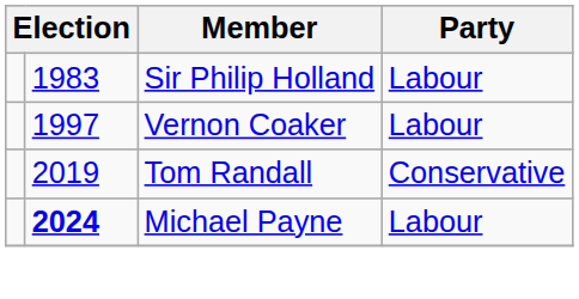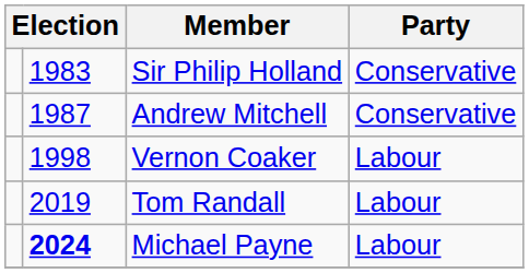 <table class="wikitable">
 <tr>
 <th colspan="2">Election</th>
 <th>Member</th>
 <th>Party</th>
 </tr>
 <tr>
 <td style="color:inherit;background-color: "></td>
 <td><a href='#'>1983</a></td>
 <td><a href='#'>Sir Philip Holland</a></td>
-<td><a href='#'>Labour</a></td>
+<td><a href='#'>Conservative</a></td>
 </tr>
 <tr>
 <td style="color:inherit;background-color: "></td>
-<td><a href='#'>1997</a></td>
+<td><a href='#'>1987</a></td>
+<td><a href='#'>Andrew Mitchell</a></td>
+<td><a href='#'>Conservative</a></td>
+</tr>
+<tr>
+<td style="color:inherit;background-color: "></td>
+<td><a href='#'>1998</a></td>
 <td><a href='#'>Vernon Coaker</a></td>
 <td><a href='#'>Labour</a></td>
 </tr>
 <tr>
 <td style="color:inherit;background-color: "></td>
 <td><a href='#'>2019</a></td>
 <td><a href='#'>Tom Randall</a></td>
-<td><a href='#'>Conservative</a></td>
+<td><a href='#'>Labour</a></td>
 </tr>
 <tr>
 <td style="color:inherit;background-color: "></td>
 <td><strong><a href='#'>2024</a></strong></td>
 <td><a href='#'>Michael Payne</a></td>
 <td><a href='#'>Labour</a></td>
 </tr>
 <tr>
 </tr>
 </table>
